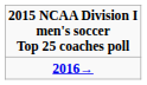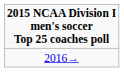 <table class="wikitable" style="text-align: center;">
 <tr>
 <td><strong>2015 NCAA Division I<br>men's soccer<br>Top 25 coaches poll</strong></td>
 </tr>
 <tr>
-<td><strong><a href='#'>2016→</a></strong></td>
+<td><a href='#'>2016→</a></td>
 </tr>
 </table>
